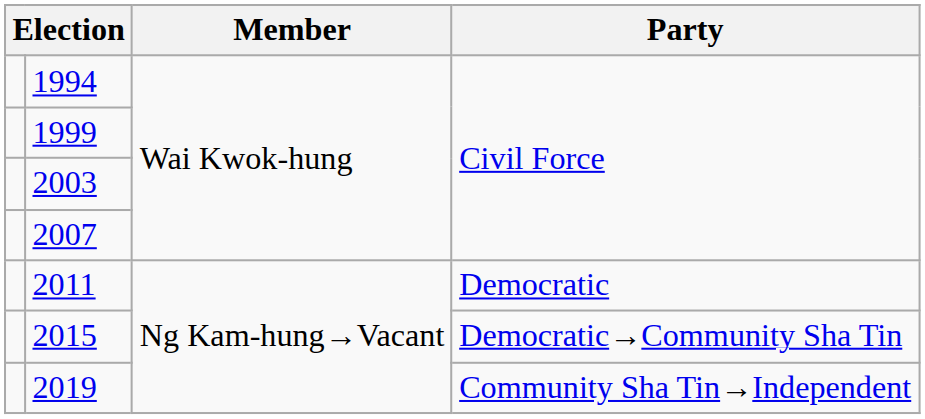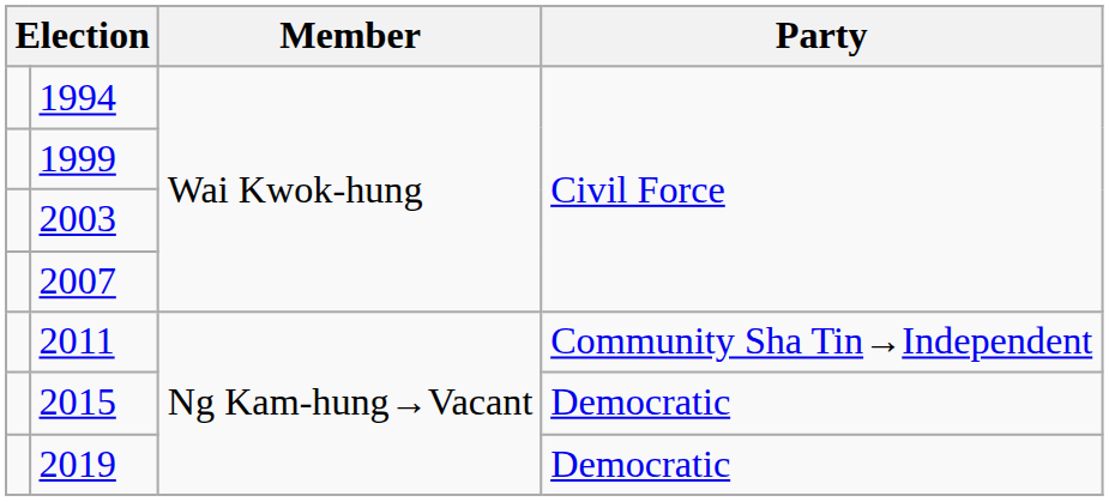 <table class="wikitable">
 <tr>
 <th colspan="2">Election</th>
 <th>Member</th>
 <th>Party</th>
 </tr>
 <tr>
 <td style="background-color: "></td>
 <td><a href='#'>1994</a></td>
 <td rowspan=4>Wai Kwok-hung</td>
 <td rowspan=4><a href='#'>Civil Force</a></td>
 </tr>
 <tr>
 <td style="background-color: "></td>
 <td><a href='#'>1999</a></td>
 </tr>
 <tr>
 <td style="background-color: "></td>
 <td><a href='#'>2003</a></td>
 </tr>
 <tr>
 <td style="background-color: "></td>
 <td><a href='#'>2007</a></td>
 </tr>
 <tr>
 <td style="background-color: "></td>
 <td><a href='#'>2011</a></td>
 <td rowspan=3>Ng Kam-hung→Vacant</td>
+<td><a href='#'>Community Sha Tin</a>→<a href='#'>Independent</a></td>
+</tr>
+<tr>
+<td style="background-color: "></td>
+<td><a href='#'>2015</a></td>
 <td><a href='#'>Democratic</a></td>
 </tr>
 <tr>
 <td style="background-color: "></td>
-<td><a href='#'>2015</a></td>
-<td><a href='#'>Democratic</a>→<a href='#'>Community Sha Tin</a></td>
-</tr>
-<tr>
-<td style="background-color: "></td>
 <td><a href='#'>2019</a></td>
-<td><a href='#'>Community Sha Tin</a>→<a href='#'>Independent</a></td>
+<td><a href='#'>Democratic</a></td>
 </tr>
 </table>
